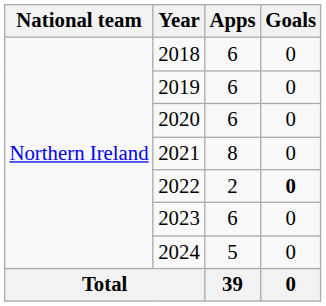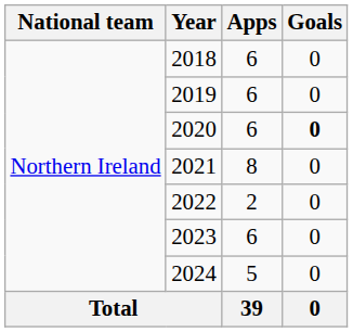 <table class=wikitable style=text-align:center>
 <tr>
 <th>National team</th>
 <th>Year</th>
 <th>Apps</th>
 <th>Goals</th>
 </tr>
 <tr>
 <td rowspan=7><a href='#'>Northern Ireland</a></td>
 <td>2018</td>
 <td>6</td>
 <td>0</td>
 </tr>
 <tr>
 <td>2019</td>
 <td>6</td>
 <td>0</td>
 </tr>
 <tr>
 <td>2020</td>
 <td>6</td>
-<td>0</td>
+<td><strong>0</strong></td>
 </tr>
 <tr>
 <td>2021</td>
 <td>8</td>
 <td>0</td>
 </tr>
 <tr>
 <td>2022</td>
 <td>2</td>
-<td><strong>0</strong></td>
+<td>0</td>
 </tr>
 <tr>
 <td>2023</td>
 <td>6</td>
 <td>0</td>
 </tr>
 <tr>
 <td>2024</td>
 <td>5</td>
 <td>0</td>
 </tr>
 <tr>
 <th colspan=2>Total</th>
 <th>39</th>
 <th>0</th>
 </tr>
 </table>
